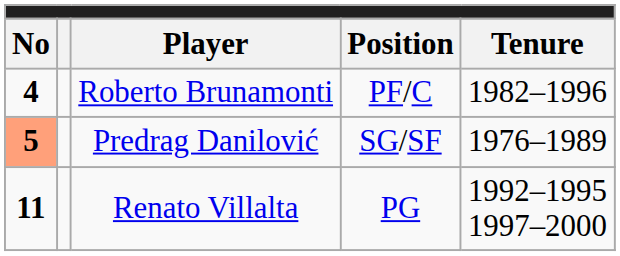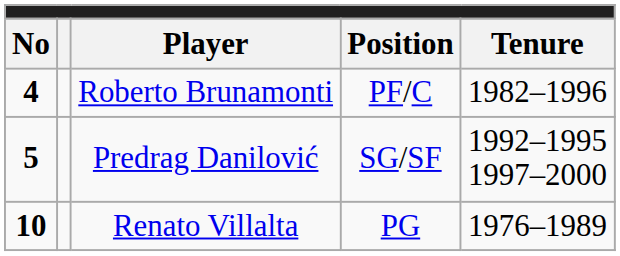 <table class="wikitable sortable" style="text-align:center">
 <tr>
 <td colspan=6 bgcolor=#201F1F><strong></strong></td>
 </tr>
 <tr>
 <th>No</th>
 <th></th>
 <th>Player</th>
 <th>Position</th>
 <th>Tenure</th>
 </tr>
 <tr>
 <td><strong>4</strong></td>
 <td></td>
 <td><a href='#'>Roberto Brunamonti</a></td>
 <td><a href='#'>PF</a>/<a href='#'>C</a></td>
 <td>1982–1996</td>
 </tr>
 <tr>
-<td style="background: lightsalmon;"><strong>5</strong></td>
+<td><strong>5</strong></td>
 <td></td>
 <td><a href='#'>Predrag Danilović</a></td>
 <td><a href='#'>SG</a>/<a href='#'>SF</a></td>
-<td>1976–1989</td>
+<td>1992–1995<br>1997–2000</td>
 </tr>
 <tr>
-<td><strong>11</strong></td>
+<td><strong>10</strong></td>
 <td></td>
 <td><a href='#'>Renato Villalta</a></td>
 <td><a href='#'>PG</a></td>
-<td>1992–1995<br>1997–2000</td>
+<td>1976–1989</td>
 </tr>
 </table>
